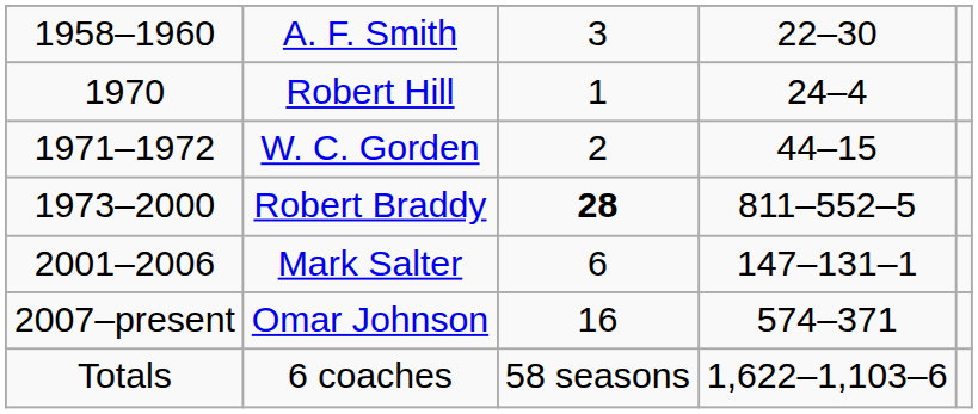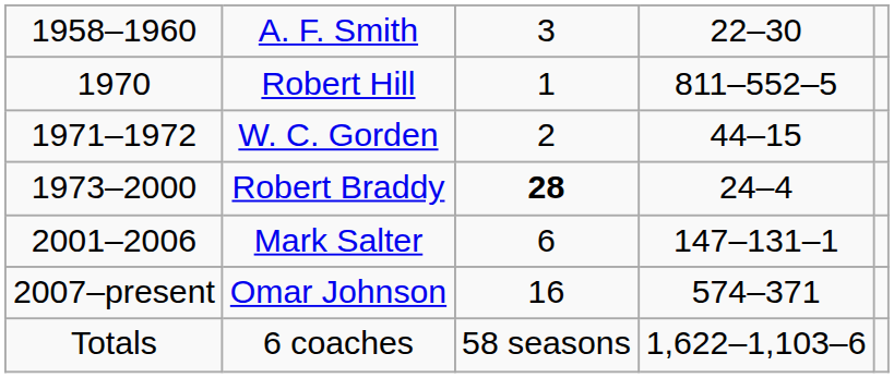 <table class="wikitable" style="text-align:center">
 <tr>
 <td>1958–1960</td>
 <td><a href='#'>A. F. Smith</a></td>
 <td>3</td>
 <td>22–30</td>
 <td></td>
 </tr>
 <tr>
 <td>1970</td>
 <td><a href='#'>Robert Hill</a></td>
 <td>1</td>
-<td>24–4</td>
+<td>811–552–5</td>
 <td></td>
 </tr>
 <tr>
 <td>1971–1972</td>
 <td><a href='#'>W. C. Gorden</a></td>
 <td>2</td>
 <td>44–15</td>
 <td></td>
 </tr>
 <tr>
 <td>1973–2000</td>
 <td><a href='#'>Robert Braddy</a></td>
 <td><strong>28</strong></td>
-<td>811–552–5</td>
+<td>24–4</td>
 <td></td>
 </tr>
 <tr>
 <td>2001–2006</td>
 <td><a href='#'>Mark Salter</a></td>
 <td>6</td>
 <td>147–131–1</td>
 <td></td>
 </tr>
 <tr>
 <td>2007–present</td>
 <td><a href='#'>Omar Johnson</a></td>
 <td>16</td>
 <td>574–371</td>
 <td></td>
 </tr>
 <tr class="sortbottom">
 <td>Totals</td>
 <td>6 coaches</td>
 <td>58 seasons</td>
 <td>1,622–1,103–6</td>
 <td></td>
 </tr>
 </table>
